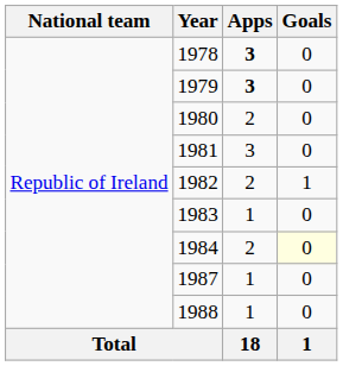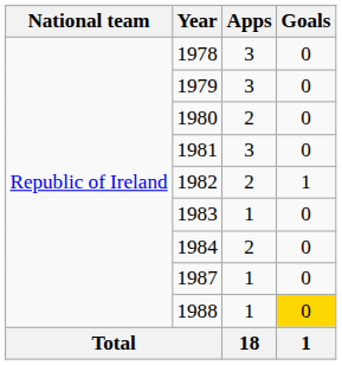 <table class=wikitable style="text-align: center">
 <tr>
 <th>National team</th>
 <th>Year</th>
 <th>Apps</th>
 <th>Goals</th>
 </tr>
 <tr>
 <td rowspan=9><a href='#'>Republic of Ireland</a></td>
 <td>1978</td>
-<td><strong>3</strong></td>
+<td>3</td>
 <td>0</td>
 </tr>
 <tr>
 <td>1979</td>
-<td><strong>3</strong></td>
+<td>3</td>
 <td>0</td>
 </tr>
 <tr>
 <td>1980</td>
 <td>2</td>
 <td>0</td>
 </tr>
 <tr>
 <td>1981</td>
 <td>3</td>
 <td>0</td>
 </tr>
 <tr>
 <td>1982</td>
 <td>2</td>
 <td>1</td>
 </tr>
 <tr>
 <td>1983</td>
 <td>1</td>
 <td>0</td>
 </tr>
 <tr>
 <td>1984</td>
 <td>2</td>
-<td style="background: lightyellow;">0</td>
+<td>0</td>
 </tr>
 <tr>
 <td>1987</td>
 <td>1</td>
 <td>0</td>
 </tr>
 <tr>
 <td>1988</td>
 <td>1</td>
-<td>0</td>
+<td style="background: gold;">0</td>
 </tr>
 <tr>
 <th colspan=2>Total</th>
 <th>18</th>
 <th>1</th>
 </tr>
 </table>
